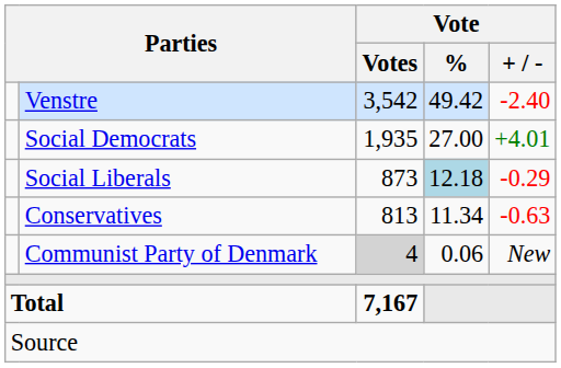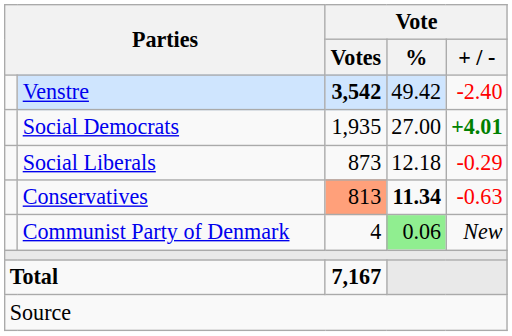 <table class="wikitable" style="text-align:right;">
 <tr>
 <th style="text-align:centre;" rowspan="2" colspan="2" width="225">Parties</th>
 <th colspan="3">Vote</th>
 </tr>
 <tr>
 <th width="15">Votes</th>
 <th width="15">%</th>
 <th width="15">+ / -</th>
 </tr>
 <tr>
 <td width="2" style="color:inherit;background:"></td>
 <td bgcolor=#cfe5fe  align="left"><a href='#'>Venstre</a></td>
-<td bgcolor=#cfe5fe>3,542</td>
+<td bgcolor=#cfe5fe><strong>3,542</strong></td>
 <td bgcolor=#cfe5fe>49.42</td>
 <td style=color:red;>-2.40</td>
 </tr>
 <tr>
 <td width="2" style="color:inherit;background:"></td>
 <td align="left"><a href='#'>Social Democrats</a></td>
 <td>1,935</td>
 <td>27.00</td>
-<td style=color:green;>+4.01</td>
+<td style=color:green;><strong>+4.01</strong></td>
 </tr>
 <tr>
 <td width="2" style="color:inherit;background:"></td>
 <td align="left"><a href='#'>Social Liberals</a></td>
 <td>873</td>
-<td style="background: lightblue;">12.18</td>
+<td>12.18</td>
 <td style=color:red;>-0.29</td>
 </tr>
 <tr>
 <td width="2" style="color:inherit;background:"></td>
 <td align="left"><a href='#'>Conservatives</a></td>
-<td>813</td>
-<td>11.34</td>
+<td style="background: lightsalmon;">813</td>
+<td><strong>11.34</strong></td>
 <td style=color:red;>-0.63</td>
 </tr>
 <tr>
 <td width="2" style="color:inherit;background:"></td>
 <td align="left"><a href='#'>Communist Party of Denmark</a></td>
-<td style="background: lightgrey;">4</td>
-<td>0.06</td>
+<td>4</td>
+<td style="background: lightgreen;">0.06</td>
 <td><em>New</em></td>
 </tr>
 <tr>
 <td colspan="7" bgcolor="#E9E9E9"></td>
 </tr>
 <tr>
 <td align="left" colspan="2"><strong>Total</strong></td>
 <td><strong>7,167</strong></td>
 <td bgcolor="#E9E9E9" colspan="2"></td>
 </tr>
 <tr>
 <td align="left" colspan="6">Source</td>
 </tr>
 </table>
